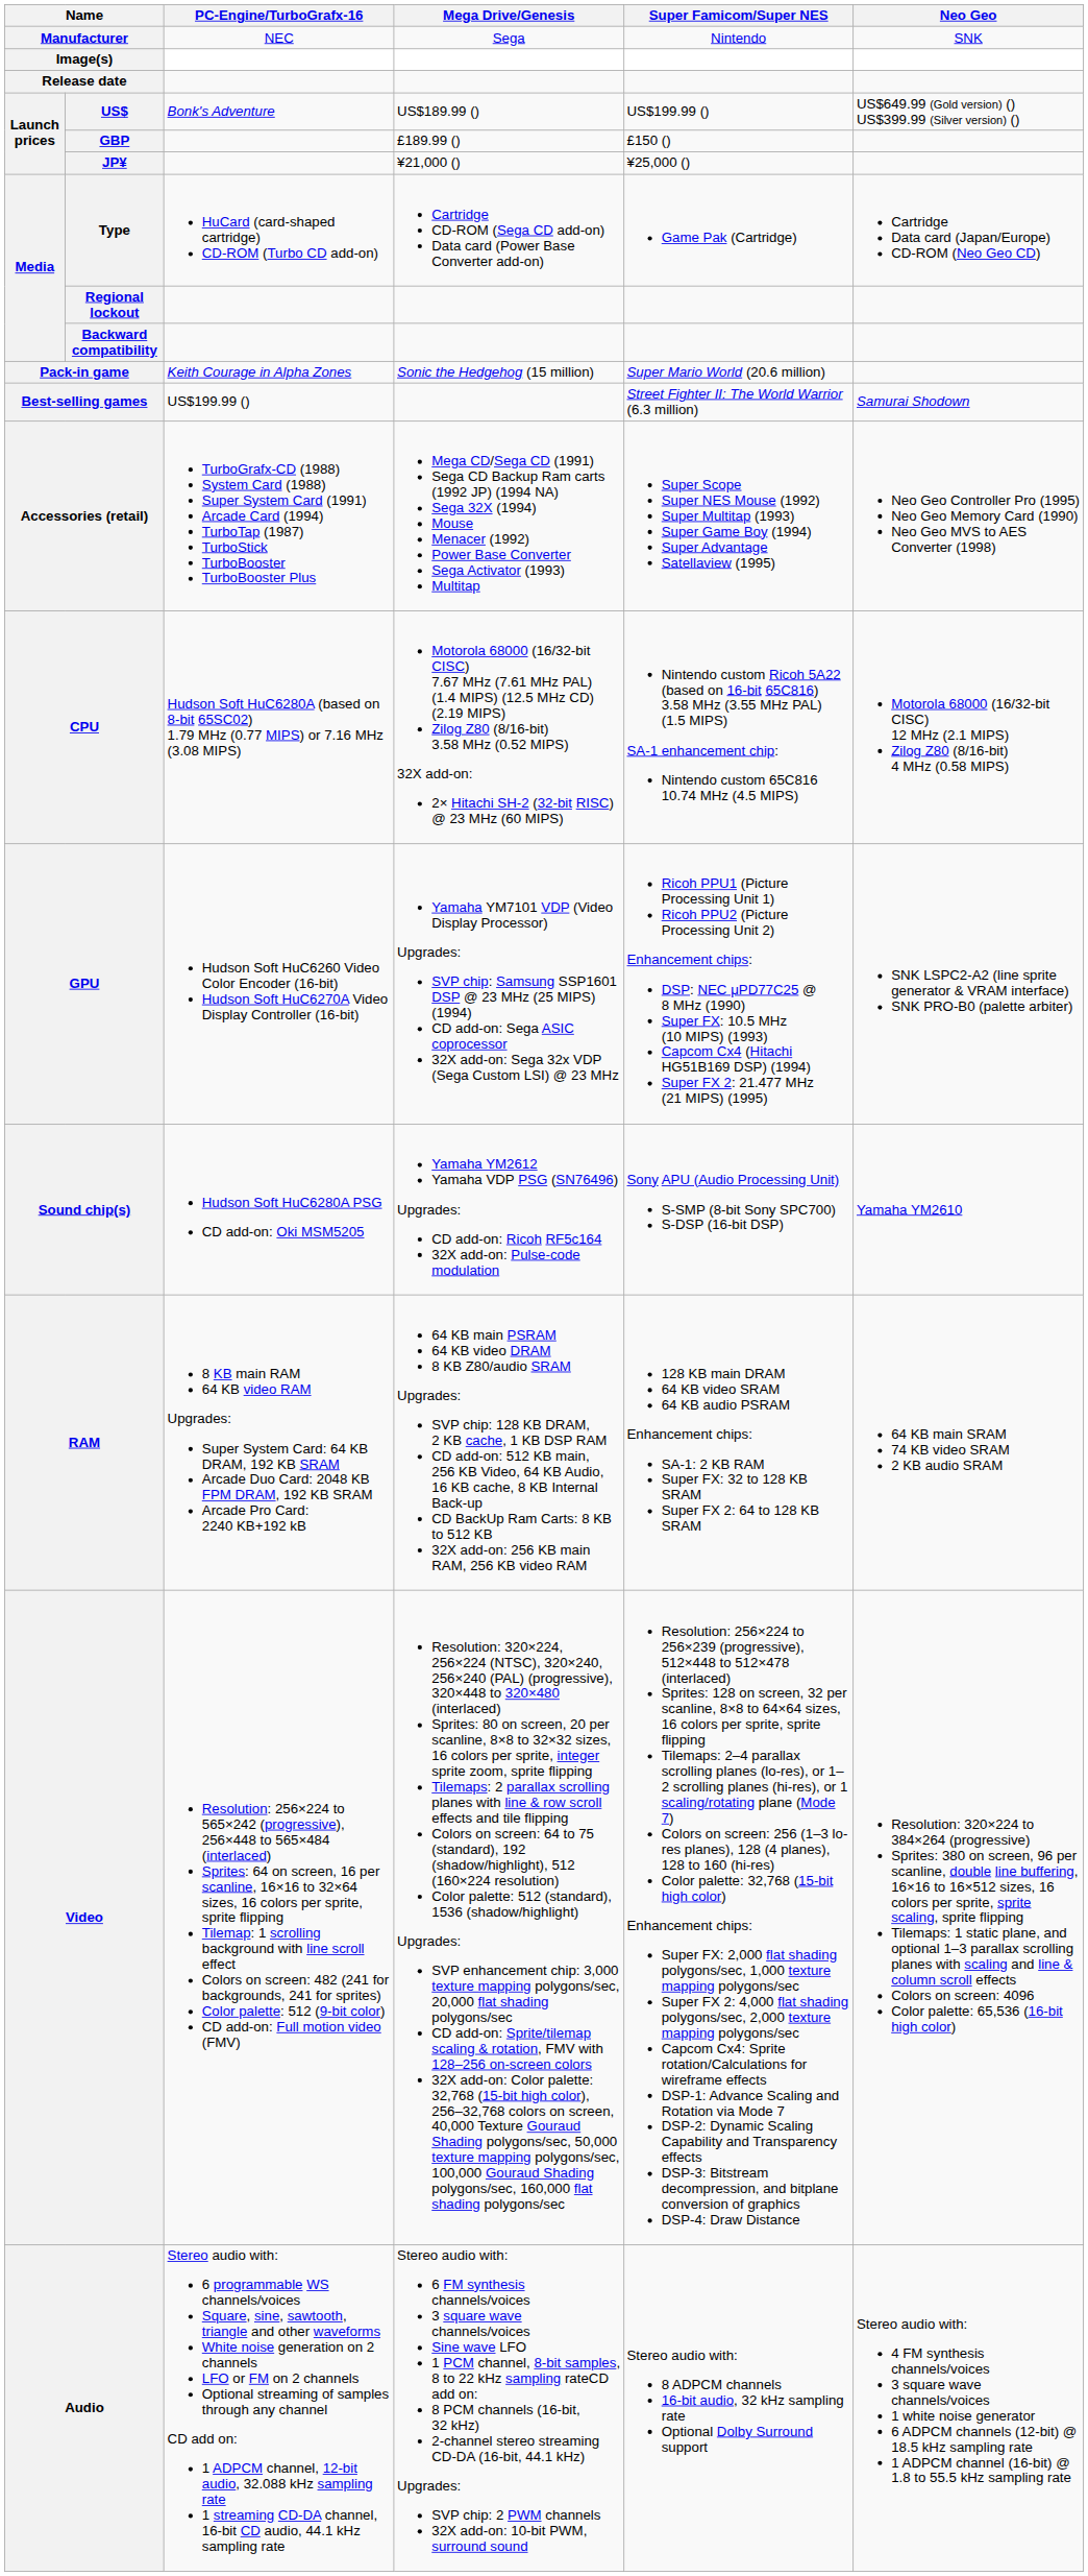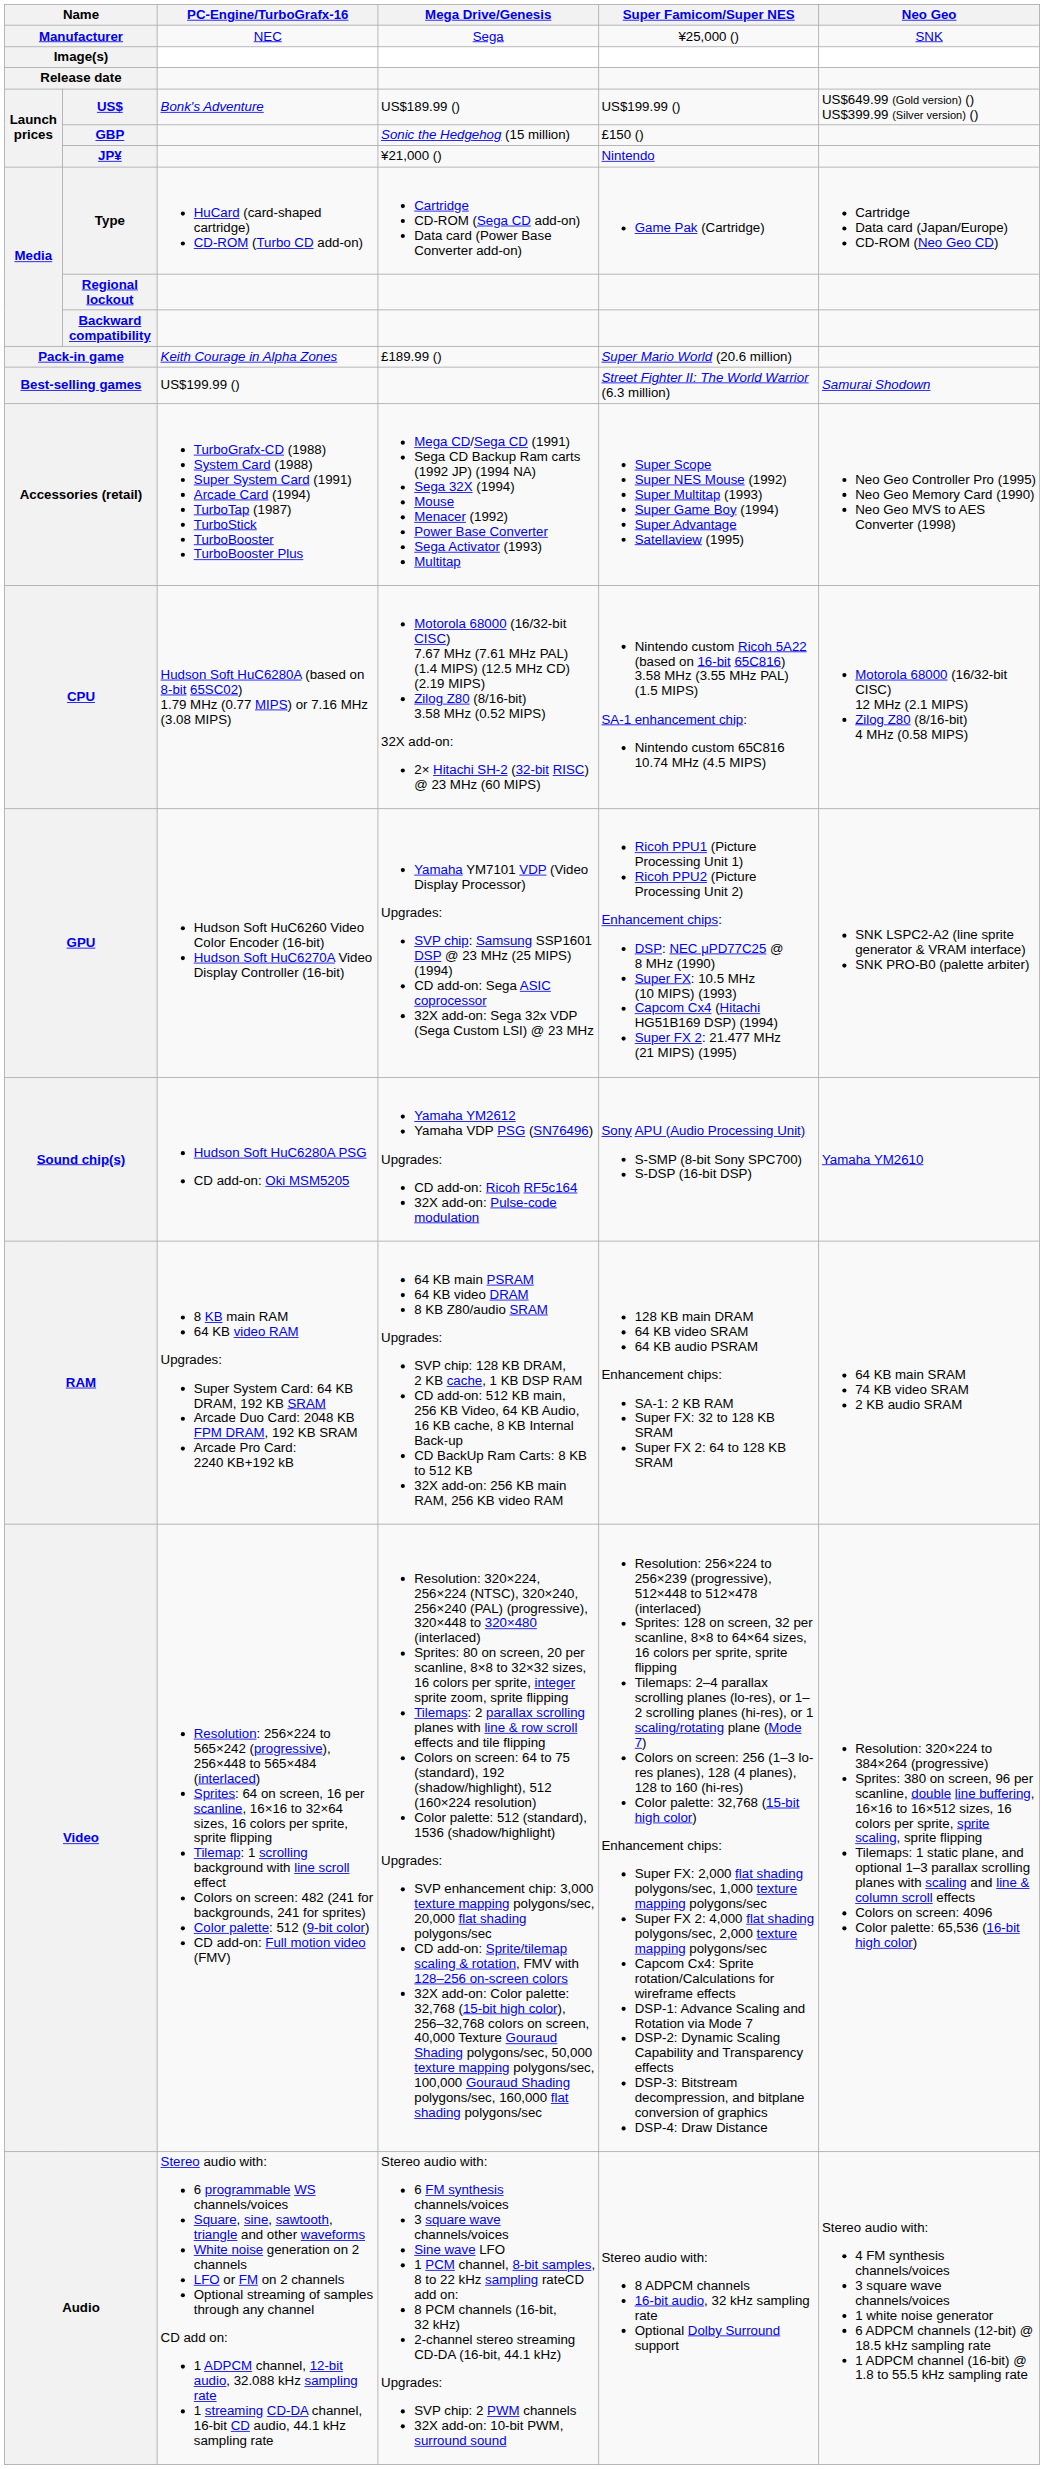 <table class="wikitable">
 <tr>
 <th colspan="2" style="width: 7.5%">Name</th>
 <th style="width: 18.5%;"><a href='#'>PC-Engine/TurboGrafx-16</a></th>
 <th style="width: 18.5%;"><a href='#'>Mega Drive/Genesis</a></th>
 <th style="width: 18.5%;"><a href='#'>Super Famicom/Super NES</a></th>
 <th style="width: 18.5%;"><a href='#'>Neo Geo</a></th>
 </tr>
 <tr style="text-align:center;">
 <th colspan="2"><a href='#'>Manufacturer</a></th>
 <td><a href='#'>NEC</a></td>
 <td><a href='#'>Sega</a></td>
-<td><a href='#'>Nintendo</a></td>
+<td>¥25,000 ()</td>
 <td><a href='#'>SNK</a></td>
 </tr>
 <tr style="text-align:center;">
 <th colspan="2">Image(s)</th>
 <td style="background:white;"><br></td>
 <td style="background:white;"><br></td>
 <td style="background:white;"><br></td>
 <td style="background:white;"></td>
 </tr>
 <tr style="vertical-align: center">
 <th colspan="2">Release date</th>
 <td></td>
 <td></td>
 <td></td>
 <td></td>
 </tr>
 <tr>
 <th rowspan="3">Launch prices</th>
 <th><a href='#'>US$</a></th>
 <td><em><a href='#'>Bonk's Adventure</a></em></td>
 <td>US$189.99 ()</td>
 <td>US$199.99 ()</td>
 <td>US$649.99 <small>(Gold version)</small> ()<br>US$399.99 <small>(Silver version)</small> ()</td>
 </tr>
 <tr>
 <th><a href='#'>GBP</a></th>
 <td></td>
-<td>£189.99 ()</td>
+<td><em><a href='#'>Sonic the Hedgehog</a></em> (15 million)</td>
 <td>£150 ()</td>
 <td></td>
 </tr>
 <tr>
 <th><a href='#'>JP¥</a></th>
 <td></td>
 <td>¥21,000 ()</td>
-<td>¥25,000 ()</td>
+<td><a href='#'>Nintendo</a></td>
 <td></td>
 </tr>
 <tr>
 <th rowspan="3"><a href='#'>Media</a></th>
 <th>Type</th>
 <td colspan="1"><br><ul><li><a href='#'>HuCard</a> (card-shaped cartridge)</li><li><a href='#'>CD-ROM</a> (<a href='#'>Turbo CD</a> add-on)</li></ul></td>
 <td><br><ul><li><a href='#'>Cartridge</a></li><li>CD-ROM (<a href='#'>Sega CD</a> add-on)</li><li>Data card (Power Base Converter add-on)</li></ul></td>
 <td><br><ul><li><a href='#'>Game Pak</a> (Cartridge)</li></ul></td>
 <td><br><ul><li>Cartridge</li><li>Data card (Japan/Europe)</li><li>CD-ROM (<a href='#'>Neo Geo CD</a>)</li></ul></td>
 </tr>
 <tr>
 <th><a href='#'>Regional lockout</a></th>
 <td></td>
 <td></td>
 <td></td>
 <td></td>
 </tr>
 <tr>
 <th><a href='#'>Backward compatibility</a></th>
 <td></td>
 <td></td>
 <td></td>
 <td></td>
 </tr>
 <tr>
 <th colspan="2"><a href='#'>Pack-in game</a></th>
 <td><em><a href='#'>Keith Courage in Alpha Zones</a></em></td>
-<td><em><a href='#'>Sonic the Hedgehog</a></em> (15 million)</td>
+<td>£189.99 ()</td>
 <td><em><a href='#'>Super Mario World</a></em> (20.6 million)</td>
 <td></td>
 </tr>
 <tr>
 <th colspan="2"><a href='#'>Best-selling games</a></th>
 <td>US$199.99 ()</td>
 <td></td>
 <td><em><a href='#'>Street Fighter II: The World Warrior</a></em> (6.3 million)</td>
 <td><em><a href='#'>Samurai Shodown</a></em></td>
 </tr>
 <tr style="vertical-align: center">
 <th colspan="2">Accessories (retail)</th>
 <td><br><ul><li><a href='#'>TurboGrafx-CD</a> (1988)</li><li><a href='#'>System Card</a> (1988)</li><li><a href='#'>Super System Card</a> (1991)</li><li><a href='#'>Arcade Card</a> (1994)</li><li><a href='#'>TurboTap</a> (1987)</li><li><a href='#'>TurboStick</a></li><li><a href='#'>TurboBooster</a></li><li><a href='#'>TurboBooster Plus</a></li></ul></td>
 <td><br><ul><li><a href='#'>Mega CD</a>/<a href='#'>Sega CD</a> (1991)</li><li>Sega CD Backup Ram carts (1992 JP) (1994 NA) </li><li><a href='#'>Sega 32X</a> (1994)</li><li><a href='#'>Mouse</a></li><li><a href='#'>Menacer</a> (1992)</li><li><a href='#'>Power Base Converter</a></li><li><a href='#'>Sega Activator</a> (1993)</li><li><a href='#'>Multitap</a></li></ul></td>
 <td><br><ul><li><a href='#'>Super Scope</a></li><li><a href='#'>Super NES Mouse</a> (1992)</li><li><a href='#'>Super Multitap</a> (1993)</li><li><a href='#'>Super Game Boy</a> (1994)</li><li><a href='#'>Super Advantage</a></li><li><a href='#'>Satellaview</a> (1995)</li></ul></td>
 <td><br><ul><li>Neo Geo Controller Pro (1995)</li><li>Neo Geo Memory Card (1990)</li><li>Neo Geo MVS to AES Converter (1998)</li></ul></td>
 </tr>
 <tr style="vertical-align: center">
 <th colspan="2"><a href='#'>CPU</a></th>
 <td><a href='#'>Hudson Soft HuC6280A</a> (based on <a href='#'>8-bit</a> <a href='#'>65SC02</a>)<br>1.79 MHz (0.77 <a href='#'>MIPS</a>) or 7.16 MHz (3.08 MIPS)</td>
 <td><br><ul><li><a href='#'>Motorola 68000</a> (16/32-bit <a href='#'>CISC</a>)<br>7.67 MHz (7.61 MHz PAL) (1.4 MIPS) (12.5 MHz CD) (2.19 MIPS)</li><li><a href='#'>Zilog Z80</a> (8/16-bit)<br>3.58 MHz (0.52 MIPS)</li></ul>32X add-on:<ul><li>2× <a href='#'>Hitachi SH-2</a> (<a href='#'>32-bit</a> <a href='#'>RISC</a>) @ 23 MHz (60 MIPS)</li></ul></td>
 <td><br><ul><li>Nintendo custom <a href='#'>Ricoh 5A22</a> (based on <a href='#'>16-bit</a> <a href='#'>65C816</a>)<br>3.58 MHz (3.55 MHz PAL) (1.5 MIPS)</li></ul><a href='#'>SA-1 enhancement chip</a>:<ul><li>Nintendo custom 65C816<br>10.74 MHz (4.5 MIPS)</li></ul></td>
 <td><br><ul><li><a href='#'>Motorola 68000</a> (16/32-bit CISC)<br>12 MHz (2.1 MIPS)</li><li><a href='#'>Zilog Z80</a> (8/16-bit)<br>4 MHz (0.58 MIPS)</li></ul></td>
 </tr>
 <tr>
 <th colspan="2"><a href='#'>GPU</a></th>
 <td><br><ul><li>Hudson Soft HuC6260 Video Color Encoder (16-bit)</li><li><a href='#'>Hudson Soft HuC6270A</a> Video Display Controller (16-bit)</li></ul></td>
 <td><br><ul><li><a href='#'>Yamaha</a> YM7101 <a href='#'>VDP</a> (Video Display Processor)</li></ul>Upgrades:<ul><li><a href='#'>SVP chip</a>: <a href='#'>Samsung</a> SSP1601 <a href='#'>DSP</a> @ 23 MHz (25 MIPS) (1994)</li><li>CD add-on: Sega <a href='#'>ASIC</a> <a href='#'>coprocessor</a></li><li>32X add-on: Sega 32x VDP (Sega Custom LSI) @ 23 MHz </li></ul></td>
 <td><br><ul><li><a href='#'>Ricoh PPU1</a> (Picture Processing Unit 1)</li><li><a href='#'>Ricoh PPU2</a> (Picture Processing Unit 2)</li></ul><a href='#'>Enhancement chips</a>:<ul><li><a href='#'>DSP</a>: <a href='#'>NEC μPD77C25</a> @ 8 MHz (1990)</li><li><a href='#'>Super FX</a>: 10.5 MHz (10 MIPS) (1993)</li><li><a href='#'>Capcom Cx4</a> (<a href='#'>Hitachi</a> HG51B169 DSP) (1994)</li><li><a href='#'>Super FX 2</a>: 21.477 MHz (21 MIPS) (1995)</li></ul></td>
 <td><br><ul><li>SNK LSPC2-A2 (line sprite generator & VRAM interface)</li><li>SNK PRO-B0 (palette arbiter)</li></ul></td>
 </tr>
 <tr>
 <th colspan="2"><a href='#'>Sound chip(s)</a></th>
 <td><br><ul><li><a href='#'>Hudson Soft HuC6280A PSG</a></li></ul><ul><li>CD add-on: <a href='#'>Oki MSM5205</a></li></ul></td>
 <td><br><ul><li><a href='#'>Yamaha YM2612</a></li><li>Yamaha VDP <a href='#'>PSG</a> (<a href='#'>SN76496</a>)</li></ul>Upgrades:<ul><li>CD add-on: <a href='#'>Ricoh</a> <a href='#'>RF5c164</a></li><li>32X add-on: <a href='#'>Pulse-code modulation</a></li></ul></td>
 <td><a href='#'>Sony</a> <a href='#'>APU (Audio Processing Unit)</a><br><ul><li>S-SMP (8-bit Sony SPC700)</li><li>S-DSP (16-bit DSP)</li></ul></td>
 <td><a href='#'>Yamaha YM2610</a></td>
 </tr>
 <tr>
 <th colspan="2"><a href='#'>RAM</a></th>
 <td><br><ul><li>8 <a href='#'>KB</a> main RAM</li><li>64 KB <a href='#'>video RAM</a></li></ul>Upgrades:<ul><li>Super System Card: 64 KB DRAM, 192 KB <a href='#'>SRAM</a></li><li>Arcade Duo Card: 2048 KB <a href='#'>FPM DRAM</a>, 192 KB SRAM</li><li>Arcade Pro Card: 2240 KB+192 kB</li></ul></td>
 <td><br><ul><li>64 KB main <a href='#'>PSRAM</a></li><li>64 KB video <a href='#'>DRAM</a></li><li>8 KB Z80/audio <a href='#'>SRAM</a></li></ul>Upgrades:<ul><li>SVP chip: 128 KB DRAM, 2 KB <a href='#'>cache</a>, 1 KB DSP RAM</li><li>CD add-on: 512 KB main, 256 KB Video, 64 KB Audio, 16 KB cache, 8 KB Internal Back-up</li><li>CD BackUp Ram Carts: 8 KB to 512 KB </li><li>32X add-on: 256 KB main RAM, 256 KB video RAM</li></ul></td>
 <td><br><ul><li>128 KB main DRAM</li><li>64 KB video SRAM</li><li>64 KB audio PSRAM</li></ul>Enhancement chips:<ul><li>SA-1: 2 KB RAM</li><li>Super FX: 32 to 128 KB SRAM</li><li>Super FX 2: 64 to 128 KB SRAM</li></ul></td>
 <td><br><ul><li>64 KB main SRAM</li><li>74 KB video SRAM</li><li>2 KB audio SRAM</li></ul></td>
 </tr>
 <tr>
 <th colspan="2"><a href='#'>Video</a></th>
 <td><br><ul><li><a href='#'>Resolution</a>: 256×224 to 565×242 (<a href='#'>progressive</a>), 256×448 to 565×484 (<a href='#'>interlaced</a>)</li><li><a href='#'>Sprites</a>: 64 on screen, 16 per <a href='#'>scanline</a>, 16×16 to 32×64 sizes, 16 colors per sprite, sprite flipping</li><li><a href='#'>Tilemap</a>: 1 <a href='#'>scrolling</a> background with <a href='#'>line scroll</a> effect</li><li>Colors on screen: 482 (241 for backgrounds, 241 for sprites)</li><li><a href='#'>Color palette</a>: 512 (<a href='#'>9-bit color</a>)</li><li>CD add-on: <a href='#'>Full motion video</a> (FMV)</li></ul></td>
 <td><br><ul><li>Resolution: 320×224, 256×224 (NTSC), 320×240, 256×240 (PAL) (progressive), 320×448 to <a href='#'>320×480</a> (interlaced)</li><li>Sprites: 80 on screen, 20 per scanline, 8×8 to 32×32 sizes, 16 colors per sprite, <a href='#'>integer</a> sprite zoom, sprite flipping</li><li><a href='#'>Tilemaps</a>: 2 <a href='#'>parallax scrolling</a> planes with <a href='#'>line & row scroll</a> effects and tile flipping</li><li>Colors on screen: 64 to 75 (standard), 192 (shadow/highlight), 512 (160×224 resolution)</li><li>Color palette: 512 (standard), 1536 (shadow/highlight)</li></ul>Upgrades:<ul><li>SVP enhancement chip: 3,000 <a href='#'>texture mapping</a> polygons/sec, 20,000 <a href='#'>flat shading</a> polygons/sec</li><li>CD add-on: <a href='#'>Sprite/tilemap scaling & rotation</a>, FMV with <a href='#'>128–256 on-screen colors</a></li><li>32X add-on: Color palette: 32,768 (<a href='#'>15-bit high color</a>), 256–32,768 colors on screen, 40,000 Texture <a href='#'>Gouraud Shading</a> polygons/sec, 50,000 <a href='#'>texture mapping</a> polygons/sec, 100,000 <a href='#'>Gouraud Shading</a> polygons/sec, 160,000 <a href='#'>flat shading</a> polygons/sec </li></ul></td>
 <td><br><ul><li>Resolution: 256×224 to 256×239 (progressive), 512×448 to 512×478 (interlaced)</li><li>Sprites: 128 on screen, 32 per scanline, 8×8 to 64×64 sizes, 16 colors per sprite, sprite flipping</li><li>Tilemaps: 2–4 parallax scrolling planes (lo-res), or 1–2 scrolling planes (hi-res), or 1 <a href='#'>scaling/rotating</a> plane (<a href='#'>Mode 7</a>)</li><li>Colors on screen: 256 (1–3 lo-res planes), 128 (4 planes), 128 to 160 (hi-res)</li><li>Color palette: 32,768 (<a href='#'>15-bit high color</a>)</li></ul>Enhancement chips:<ul><li>Super FX: 2,000 <a href='#'>flat shading</a> polygons/sec, 1,000 <a href='#'>texture mapping</a> polygons/sec</li><li>Super FX 2: 4,000 <a href='#'>flat shading</a> polygons/sec, 2,000 <a href='#'>texture mapping</a> polygons/sec</li><li>Capcom Cx4: Sprite rotation/Calculations for wireframe effects</li><li>DSP-1: Advance Scaling and Rotation via Mode 7</li><li>DSP-2: Dynamic Scaling Capability and Transparency effects</li><li>DSP-3: Bitstream decompression, and bitplane conversion of graphics</li><li>DSP-4: Draw Distance</li></ul></td>
 <td><br><ul><li>Resolution: 320×224 to 384×264 (progressive)</li><li>Sprites: 380 on screen, 96 per scanline, <a href='#'>double</a> <a href='#'>line buffering</a>, 16×16 to 16×512 sizes, 16 colors per sprite, <a href='#'>sprite scaling</a>, sprite flipping</li><li>Tilemaps: 1 static plane, and optional 1–3 parallax scrolling planes with <a href='#'>scaling</a> and <a href='#'>line & column scroll</a> effects</li><li>Colors on screen: 4096</li><li>Color palette: 65,536 (<a href='#'>16-bit</a> <a href='#'>high color</a>)</li></ul></td>
 </tr>
 <tr>
 <th colspan="2">Audio</th>
 <td><a href='#'>Stereo</a> audio with:<br><ul><li>6 <a href='#'>programmable</a> <a href='#'>WS</a> channels/voices</li><li><a href='#'>Square</a>, <a href='#'>sine</a>, <a href='#'>sawtooth</a>, <a href='#'>triangle</a> and other <a href='#'>waveforms</a></li><li><a href='#'>White noise</a> generation on 2 channels</li><li><a href='#'>LFO</a> or <a href='#'>FM</a> on 2 channels</li><li>Optional streaming of samples through any channel</li></ul>CD add on:<ul><li>1 <a href='#'>ADPCM</a> channel, <a href='#'>12-bit audio</a>, 32.088 kHz <a href='#'>sampling rate</a></li><li>1 <a href='#'>streaming</a> <a href='#'>CD-DA</a> channel, 16-bit <a href='#'>CD</a> audio, 44.1 kHz sampling rate</li></ul></td>
 <td>Stereo audio with:<br><ul><li>6 <a href='#'>FM synthesis</a> channels/voices</li><li>3 <a href='#'>square wave</a> channels/voices</li><li><a href='#'>Sine wave</a> LFO</li><li>1 <a href='#'>PCM</a> channel, <a href='#'>8-bit samples</a>, 8 to 22 kHz <a href='#'>sampling</a> rateCD add on:</li><li>8 PCM channels (16-bit, 32 kHz)</li><li>2-channel stereo streaming CD-DA (16-bit, 44.1 kHz)</li></ul>Upgrades:<ul><li>SVP chip: 2 <a href='#'>PWM</a> channels</li><li>32X add-on: 10-bit PWM, <a href='#'>surround sound</a></li></ul></td>
 <td>Stereo audio with:<br><ul><li>8 ADPCM channels</li><li><a href='#'>16-bit audio</a>, 32 kHz sampling rate</li><li>Optional <a href='#'>Dolby Surround</a> support</li></ul></td>
 <td>Stereo audio with:<br><ul><li>4 FM synthesis channels/voices</li><li>3 square wave channels/voices</li><li>1 white noise generator</li><li>6 ADPCM channels (12-bit) @ 18.5 kHz sampling rate</li><li>1 ADPCM channel (16-bit) @ 1.8 to 55.5 kHz sampling rate</li></ul></td>
 </tr>
 </table>
